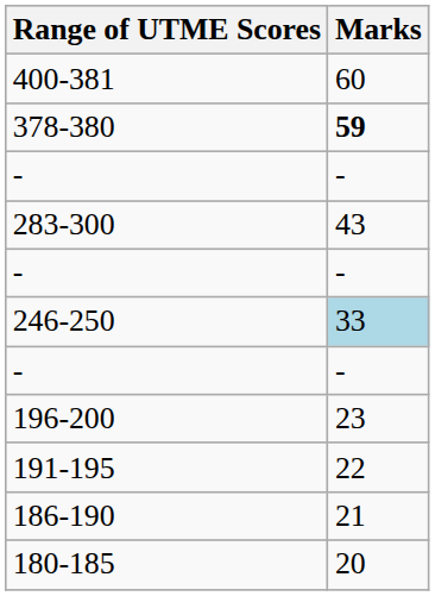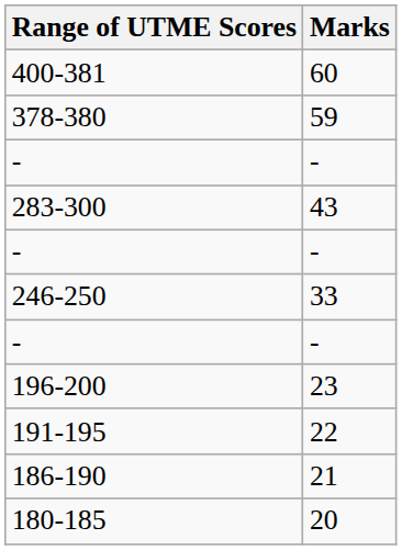 <table class="wikitable">
 <tr>
 <th>Range of UTME Scores</th>
 <th>Marks</th>
 </tr>
 <tr>
 <td>400-381</td>
 <td>60</td>
 </tr>
 <tr>
 <td>378-380</td>
-<td><strong>59</strong></td>
+<td>59</td>
 </tr>
 <tr>
 <td>-</td>
 <td>-</td>
 </tr>
 <tr>
 <td>283-300</td>
 <td>43</td>
 </tr>
 <tr>
 <td>-</td>
 <td>-</td>
 </tr>
 <tr>
 <td>246-250</td>
-<td style="background: lightblue;">33</td>
+<td>33</td>
 </tr>
 <tr>
 <td>-</td>
 <td>-</td>
 </tr>
 <tr>
 <td>196-200</td>
 <td>23</td>
 </tr>
 <tr>
 <td>191-195</td>
 <td>22</td>
 </tr>
 <tr>
 <td>186-190</td>
 <td>21</td>
 </tr>
 <tr>
 <td>180-185</td>
 <td>20</td>
 </tr>
 </table>
